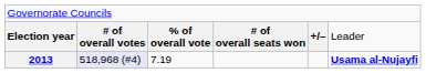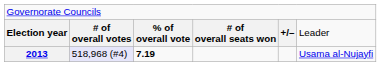 <table class=wikitable>
 <tr>
 <td colspan=6><a href='#'>Governorate Councils</a></td>
 </tr>
 <tr>
 <th>Election year</th>
 <th># of<br>overall votes</th>
 <th>% of<br>overall vote</th>
 <th># of<br>overall seats won</th>
 <th>+/–</th>
 <td>Leader</td>
 </tr>
 <tr>
 <th rowspan=2><a href='#'>2013</a></th>
 <td style="background: lavender;">518,968 (#4)</td>
-<td>7.19</td>
+<td><strong>7.19</strong></td>
 <td></td>
 <td></td>
-<td><strong><a href='#'>Usama al-Nujayfi</a></strong></td>
+<td><a href='#'>Usama al-Nujayfi</a></td>
 </tr>
 </table>
